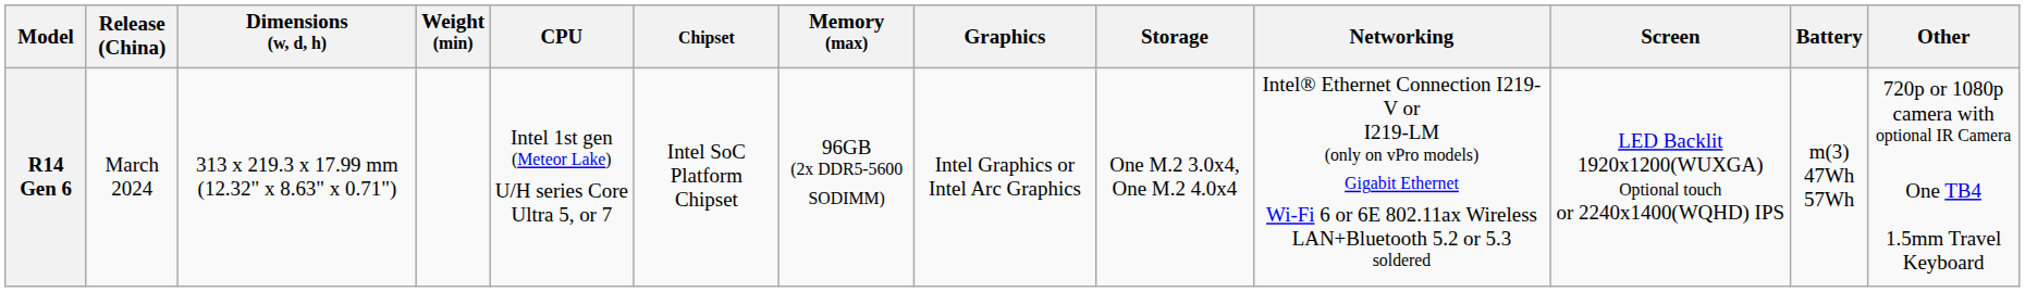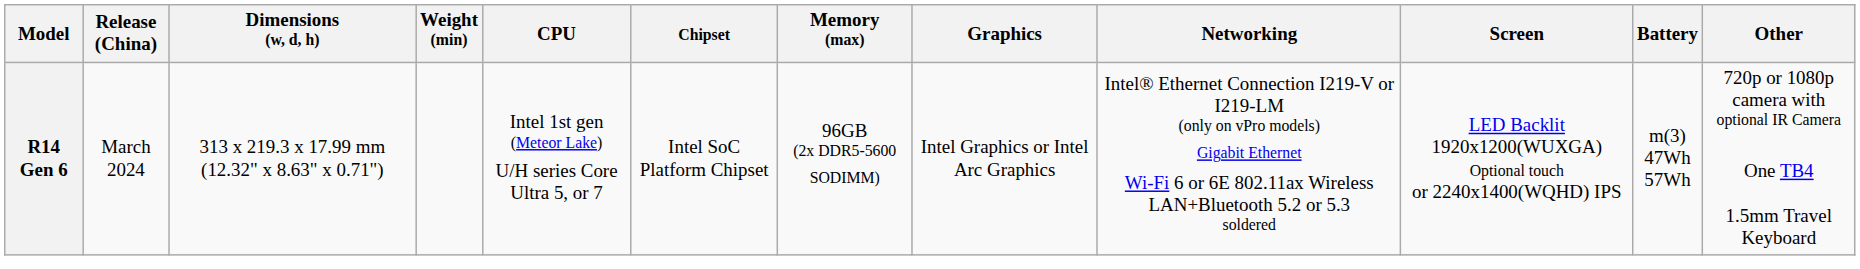 <table class="wikitable" style="font-size:80%; text-align:center">
 <tr>
 <th>Model</th>
 <th>Release<br>(China)</th>
 <th>Dimensions <br><sup>(w, d, h)</sup></th>
 <th>Weight <br><sup>(min)</sup></th>
 <th>CPU</th>
 <th><small>Chipset</small></th>
 <th>Memory <br><sup>(max)</sup></th>
 <th>Graphics</th>
-<th>Storage</th>
 <th>Networking</th>
 <th>Screen</th>
 <th>Battery</th>
 <th>Other</th>
 </tr>
 <tr>
 <th>R14 Gen 6 </th>
 <td>March 2024</td>
 <td>313 x 219.3 x 17.99 mm (12.32" x 8.63" x 0.71")</td>
 <td></td>
 <td style="background:">Intel 1st gen <br><sup>(<a href='#'>Meteor Lake</a>)</sup> <br>U/H series Core Ultra 5, or 7</td>
 <td>Intel SoC Platform Chipset</td>
 <td style="background:">96GB <br><sup>(2x DDR5-5600 SODIMM)</sup></td>
 <td style="background:">Intel Graphics or Intel Arc Graphics </td>
-<td style="background:">One M.2 3.0x4, One M.2 4.0x4</td>
 <td>Intel® Ethernet Connection I219-V or <br>I219-LM <br><sup>(only on vPro models)</sup> <br><sup><a href='#'>Gigabit Ethernet</a></sup> <br><a href='#'>Wi-Fi</a> 6 or 6E 802.11ax Wireless LAN+Bluetooth 5.2 or 5.3<br><sup>soldered</sup></td>
 <td style="background:"><a href='#'>LED Backlit</a> 1920x1200(WUXGA) <br><small>Optional touch</small> <br>or 2240x1400(WQHD) IPS</td>
 <td style="background:">m(3) <br>47Wh<br>57Wh</td>
 <td>720p or 1080p camera with <br><sup>optional IR Camera</sup> <br><br>One <a href='#'>TB4</a> <br><br>1.5mm Travel Keyboard</td>
 </tr>
 </table>
